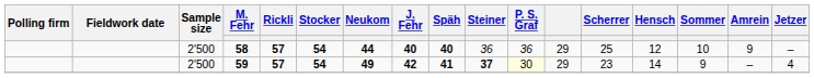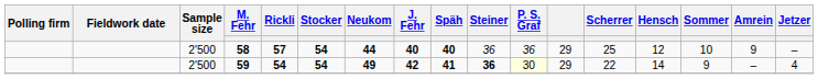 <table class="wikitable sortable" style="text-align:center;font-size:90%;line-height:14px;">
 <tr style="height:40px;">
 <th style="width:80px;" rowspan="2">Polling firm</th>
 <th style="width:130px;" rowspan="2">Fieldwork date</th>
 <th style="width:35px;" rowspan="2">Sample<br>size</th>
 <th class="unsortable" style="width:40px;"><a href='#'>M. Fehr</a><br></th>
 <th class="unsortable" style="width:40px;"><a href='#'>Rickli</a><br></th>
 <th class="unsortable" style="width:40px;"><a href='#'>Stocker</a><br></th>
 <th class="unsortable" style="width:40px;"><a href='#'>Neukom</a><br></th>
 <th class="unsortable" style="width:40px;"><a href='#'>J. Fehr</a><br></th>
 <th class="unsortable" style="width:40px;"><a href='#'>Späh</a><br></th>
 <th class="unsortable" style="width:40px;"><a href='#'>Steiner</a><br></th>
 <th class="unsortable" style="width:40px;"><a href='#'>P. S. Graf</a><br></th>
 <th class="unsortable" style="width:40px;"><a href='#'></a><br></th>
 <th class="unsortable" style="width:40px;"><a href='#'>Scherrer</a><br></th>
 <th class="unsortable" style="width:40px;"><a href='#'>Hensch</a><br></th>
 <th class="unsortable" style="width:40px;"><a href='#'>Sommer</a><br></th>
 <th class="unsortable" style="width:40px;"><a href='#'>Amrein</a><br></th>
 <th class="unsortable" style="width:40px;"><a href='#'>Jetzer</a><br></th>
 </tr>
 <tr>
 <th style="background:"></th>
 <th style="background:"></th>
 <th style="background:"></th>
 <th style="background:"></th>
 <th style="background:"></th>
 <th style="background:"></th>
 <th style="background:"></th>
 <th style="background:"></th>
 <th style="background:"></th>
 <th style="background:"></th>
 <th style="background:"></th>
 <th style="background:"></th>
 <th style="background:"></th>
 <th style="background:"></th>
 </tr>
 <tr>
 <td></td>
 <td></td>
 <td>2'500</td>
 <td style="background:#"><strong>58</strong></td>
 <td style="background:#"><strong>57</strong></td>
 <td style="background:#"><strong>54</strong></td>
 <td style="background:#"><strong>44</strong></td>
 <td style="background:#"><strong>40</strong></td>
 <td style="background:#"><strong>40</strong></td>
 <td style="background:#"><em>36</em></td>
 <td style="background:#"><em>36</em></td>
 <td>29</td>
 <td>25</td>
 <td>12</td>
 <td>10</td>
 <td>9</td>
 <td>–</td>
 </tr>
 <tr>
 <td></td>
 <td></td>
 <td>2'500</td>
 <td style="background:#"><strong>59</strong></td>
-<td style="background:#"><strong>57</strong></td>
+<td style="background:#"><strong>54</strong></td>
 <td style="background:#"><strong>54</strong></td>
 <td style="background:#"><strong>49</strong></td>
 <td style="background:#"><strong>42</strong></td>
 <td style="background:#"><strong>41</strong></td>
-<td style="background:#"><strong>37</strong></td>
+<td style="background:#"><strong>36</strong></td>
 <td style="background: lightyellow;">30</td>
 <td>29</td>
-<td>23</td>
+<td>22</td>
 <td>14</td>
 <td>9</td>
 <td>–</td>
 <td>4</td>
 </tr>
 <tr>
 </tr>
 </table>
